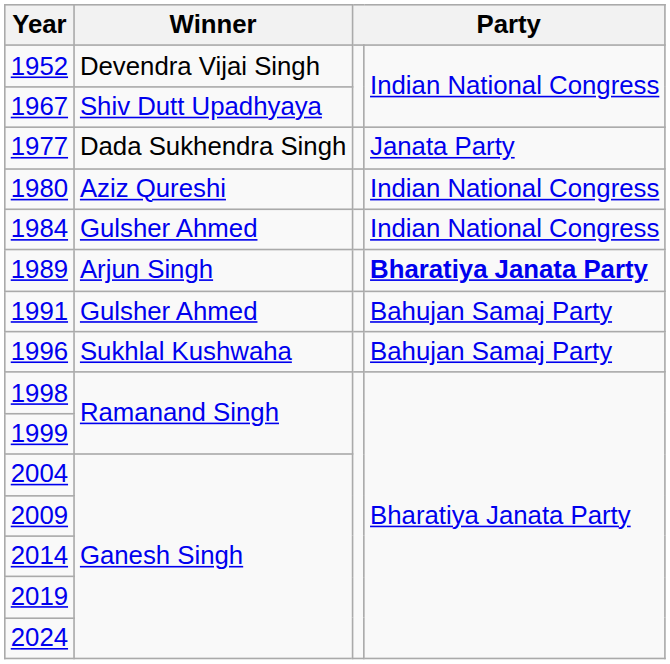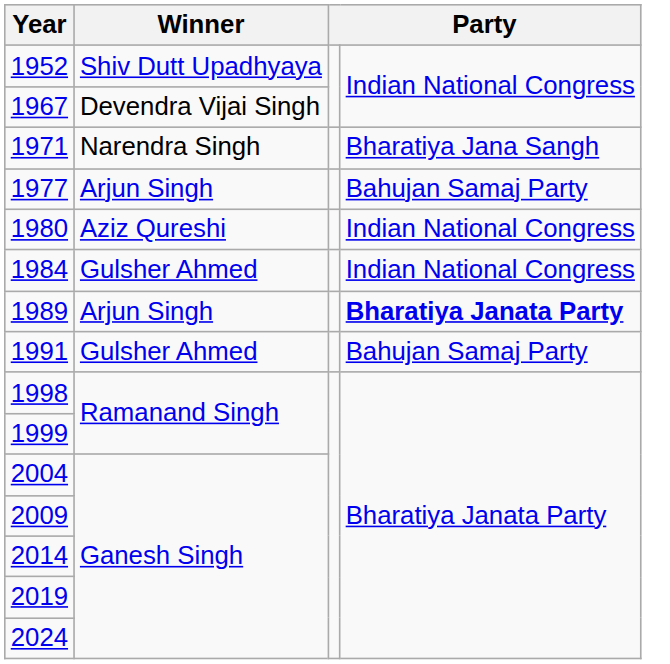 <table class="wikitable">
 <tr>
 <th>Year</th>
 <th>Winner</th>
 <th colspan="2">Party</th>
 </tr>
 <tr>
 <td><a href='#'>1952</a></td>
-<td>Devendra Vijai Singh</td>
+<td><a href='#'>Shiv Dutt Upadhyaya</a></td>
 <td rowspan="2" style="background-color: "></td>
 <td rowspan="2"><a href='#'>Indian National Congress</a></td>
 </tr>
 <tr>
 <td><a href='#'>1967</a></td>
-<td><a href='#'>Shiv Dutt Upadhyaya</a></td>
+<td>Devendra Vijai Singh</td>
+</tr>
+<tr>
+<td><a href='#'>1971</a></td>
+<td>Narendra Singh</td>
+<td style="background-color: "></td>
+<td><a href='#'>Bharatiya Jana Sangh</a></td>
 </tr>
 <tr>
 <td><a href='#'>1977</a></td>
-<td>Dada Sukhendra Singh</td>
+<td><a href='#'>Arjun Singh</a></td>
 <td style="background-color: "></td>
-<td><a href='#'>Janata Party</a></td>
+<td><a href='#'>Bahujan Samaj Party</a></td>
 </tr>
 <tr>
 <td><a href='#'>1980</a></td>
 <td><a href='#'>Aziz Qureshi</a></td>
 <td style="background-color: "></td>
 <td><a href='#'>Indian National Congress</a></td>
 </tr>
 <tr>
 <td><a href='#'>1984</a></td>
 <td><a href='#'>Gulsher Ahmed</a></td>
 <td style="background-color: "></td>
 <td><a href='#'>Indian National Congress</a></td>
 </tr>
 <tr>
 <td><a href='#'>1989</a></td>
 <td><a href='#'>Arjun Singh</a></td>
 <td style="background-color: "></td>
 <td><strong><a href='#'>Bharatiya Janata Party</a></strong></td>
 </tr>
 <tr>
 <td><a href='#'>1991</a></td>
 <td><a href='#'>Gulsher Ahmed</a></td>
-<td style="background-color: "></td>
-<td><a href='#'>Bahujan Samaj Party</a></td>
-</tr>
-<tr>
-<td><a href='#'>1996</a></td>
-<td><a href='#'>Sukhlal Kushwaha</a></td>
 <td style="background-color: "></td>
 <td><a href='#'>Bahujan Samaj Party</a></td>
 </tr>
 <tr>
 <td><a href='#'>1998</a></td>
 <td rowspan="2"><a href='#'>Ramanand Singh</a></td>
 <td rowspan="7" style="background-color: "></td>
 <td rowspan="7"><a href='#'>Bharatiya Janata Party</a></td>
 </tr>
 <tr>
 <td><a href='#'>1999</a></td>
 </tr>
 <tr>
 <td><a href='#'>2004</a></td>
 <td rowspan="5"><a href='#'>Ganesh Singh</a></td>
 </tr>
 <tr>
 <td><a href='#'>2009</a></td>
 </tr>
 <tr>
 <td><a href='#'>2014</a></td>
 </tr>
 <tr>
 <td><a href='#'>2019</a></td>
 </tr>
 <tr>
 <td><a href='#'>2024</a></td>
 </tr>
 </table>
